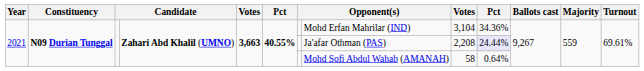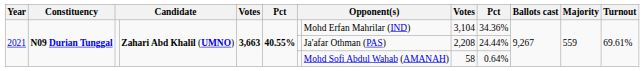 <table class="wikitable" style="margin:0.5em ; font-size:95%">
 <tr>
 <th>Year</th>
 <th>Constituency</th>
 <th colspan=2>Candidate</th>
 <th>Votes</th>
 <th>Pct</th>
 <th colspan=2>Opponent(s)</th>
 <th>Votes</th>
 <th>Pct</th>
 <th>Ballots cast</th>
 <th>Majority</th>
 <th>Turnout</th>
 </tr>
 <tr>
 <td rowspan=3><a href='#'>2021</a></td>
 <td rowspan=3><strong>N09 <a href='#'>Durian Tunggal</a></strong></td>
 <td rowspan=3 ></td>
 <td rowspan=3><strong>Zahari Abd Khalil</strong> (<a href='#'><strong>UMNO</strong></a>)</td>
 <td rowspan=3 align="right"><strong>3,663</strong></td>
 <td rowspan=3><strong>40.55%</strong></td>
 <td></td>
 <td>Mohd Erfan Mahrilar (<a href='#'>IND</a>)</td>
 <td align="right">3,104</td>
 <td>34.36%</td>
 <td rowspan=3>9,267</td>
 <td rowspan=3>559</td>
 <td rowspan=3>69.61%</td>
 </tr>
 <tr>
 <td></td>
 <td>Ja'afar Othman (<a href='#'>PAS</a>)</td>
 <td align="right">2,208</td>
-<td style="background: lavender;">24.44%</td>
+<td>24.44%</td>
 </tr>
 <tr>
 <td></td>
 <td><a href='#'>Mohd Sofi Abdul Wahab</a> (<a href='#'>AMANAH</a>)</td>
 <td align="right">58</td>
 <td align="right">0.64%</td>
 </tr>
 </table>
